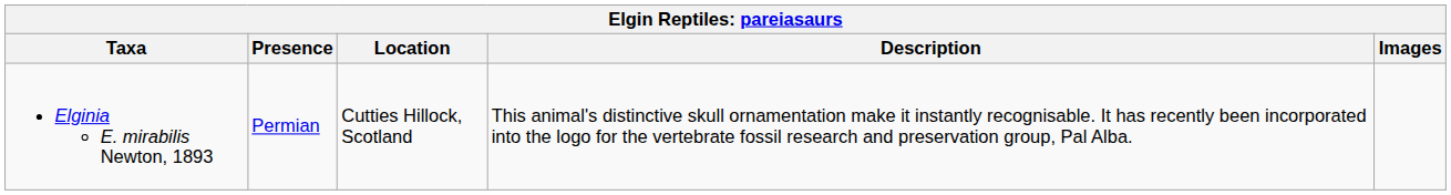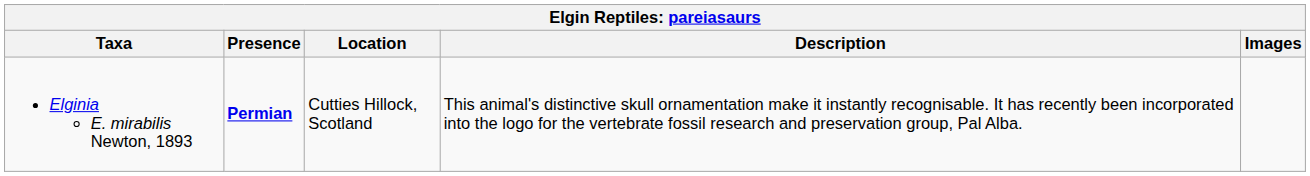 <table class="wikitable" align="center" width="100%">
 <tr>
 <th colspan="5" align="center">Elgin Reptiles: <strong><a href='#'>pareiasaurs</a></strong></th>
 </tr>
 <tr>
 <th>Taxa</th>
 <th>Presence</th>
 <th>Location</th>
 <th>Description</th>
 <th>Images</th>
 </tr>
 <tr>
 <td><br><ul><li><em><a href='#'>Elginia</a></em><ul><li><em>E. mirabilis</em> Newton, 1893</li></ul></li></ul></td>
-<td><a href='#'>Permian</a></td>
+<td><strong><a href='#'>Permian</a></strong></td>
 <td>Cutties Hillock, Scotland</td>
 <td>This animal's distinctive skull ornamentation make it instantly recognisable. It has recently been incorporated into the logo for the vertebrate fossil research and preservation group, Pal Alba.</td>
 <td></td>
 </tr>
 </table>
